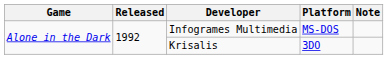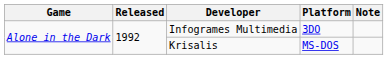 <table class="wikitable sortable">
 <tr>
 <th>Game</th>
 <th>Released</th>
 <th>Developer</th>
 <th>Platform</th>
 <th>Note</th>
 </tr>
 <tr>
 <td rowspan="2"><a href='#'><em>Alone in the Dark</em></a></td>
 <td rowspan="2">1992</td>
 <td>Infogrames Multimedia</td>
-<td><a href='#'>MS-DOS</a></td>
+<td><a href='#'>3DO</a></td>
 <td></td>
 </tr>
 <tr>
 <td>Krisalis</td>
-<td><a href='#'>3DO</a></td>
+<td><a href='#'>MS-DOS</a></td>
 <td></td>
 </tr>
 </table>
